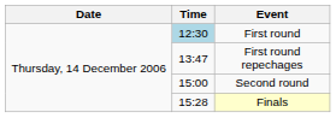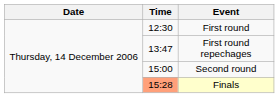 <table class = "wikitable" style="text-align:center;">
 <tr>
 <th width=220>Date</th>
 <th width=50>Time</th>
 <th width=150>Event</th>
 </tr>
 <tr>
 <td rowspan=4>Thursday, 14 December 2006</td>
-<td style="background: lightblue;">12:30</td>
+<td>12:30</td>
 <td>First round</td>
 </tr>
 <tr>
 <td>13:47</td>
 <td>First round repechages</td>
 </tr>
 <tr>
 <td>15:00</td>
 <td>Second round</td>
 </tr>
 <tr>
-<td>15:28</td>
+<td style="background: lightsalmon;">15:28</td>
 <td bgcolor=ffffcc>Finals</td>
 </tr>
 </table>
